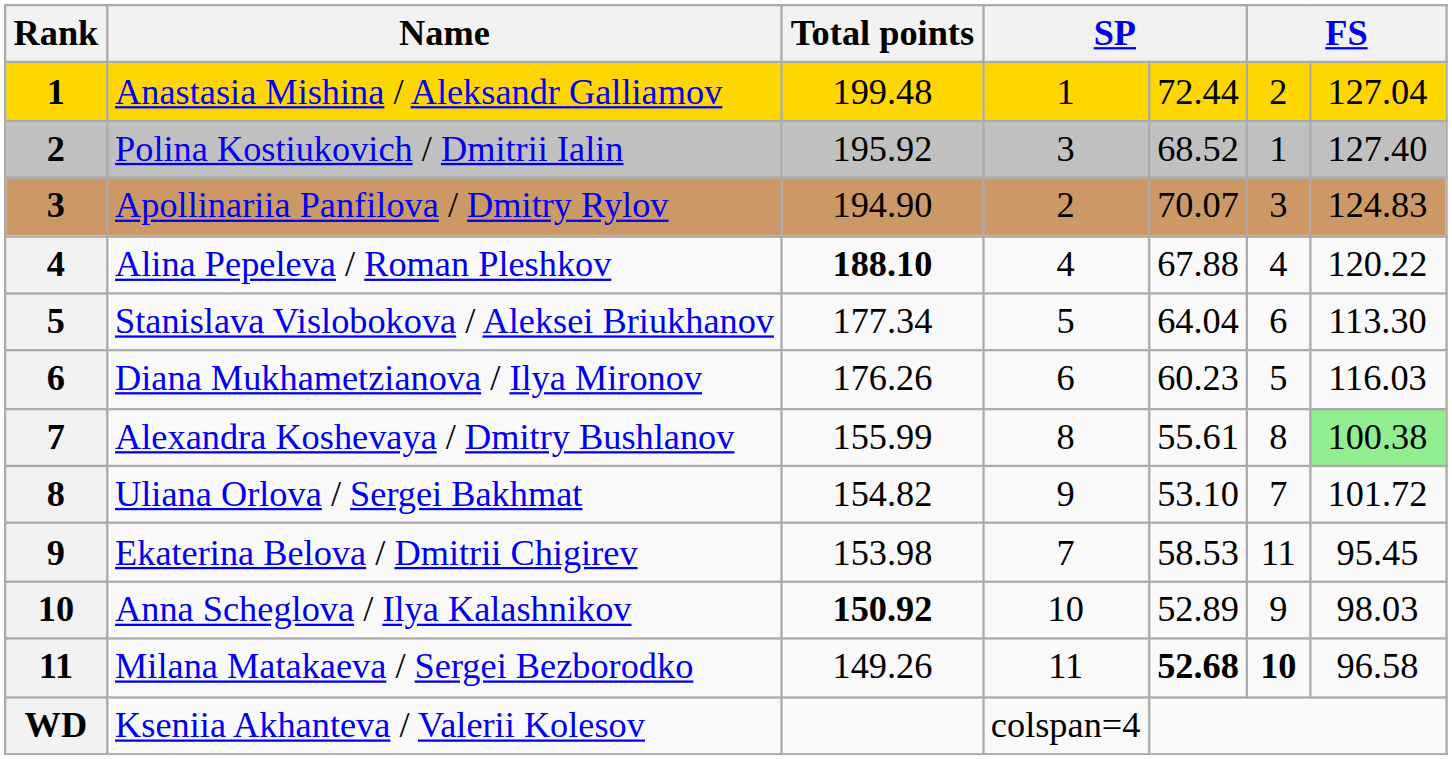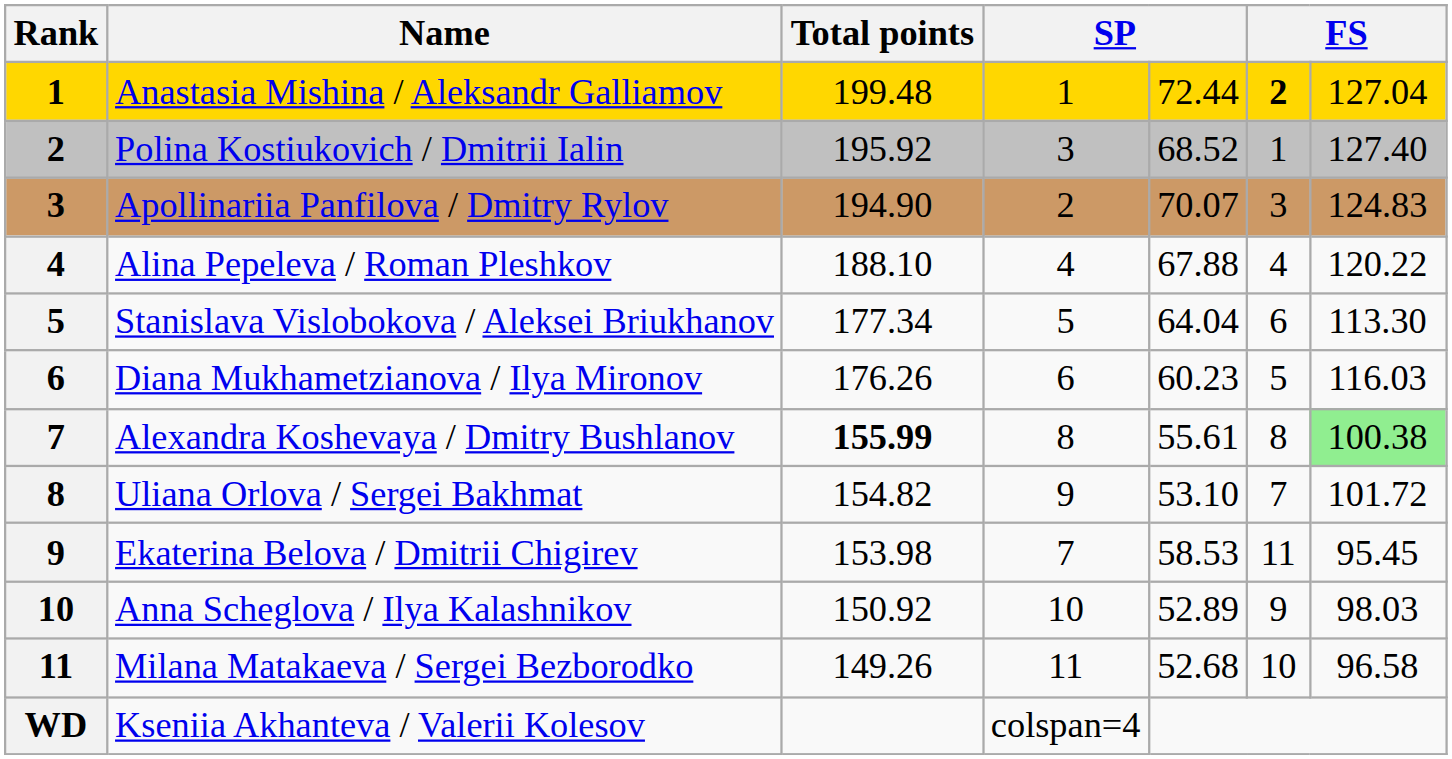 <table class="wikitable sortable">
 <tr>
 <th>Rank</th>
 <th>Name</th>
 <th>Total points</th>
 <th colspan="2" width="80px"><a href='#'>SP</a></th>
 <th colspan="2" width="80px"><a href='#'>FS</a></th>
 </tr>
 <tr bgcolor="gold">
 <td align="center"><strong>1</strong></td>
 <td><a href='#'>Anastasia Mishina</a> / <a href='#'>Aleksandr Galliamov</a></td>
 <td align="center">199.48</td>
 <td align="center">1</td>
 <td align="center">72.44</td>
-<td align="center">2</td>
+<td align="center"><strong>2</strong></td>
 <td align="center">127.04</td>
 </tr>
 <tr bgcolor="silver">
 <td align="center"><strong>2</strong></td>
 <td><a href='#'>Polina Kostiukovich</a> / <a href='#'>Dmitrii Ialin</a></td>
 <td align="center">195.92</td>
 <td align="center">3</td>
 <td align="center">68.52</td>
 <td align="center">1</td>
 <td align="center">127.40</td>
 </tr>
 <tr bgcolor="cc9966">
 <td align="center"><strong>3</strong></td>
 <td><a href='#'>Apollinariia Panfilova</a> / <a href='#'>Dmitry Rylov</a></td>
 <td align="center">194.90</td>
 <td align="center">2</td>
 <td align="center">70.07</td>
 <td align="center">3</td>
 <td align="center">124.83</td>
 </tr>
 <tr>
 <th>4</th>
 <td><a href='#'>Alina Pepeleva</a> / <a href='#'>Roman Pleshkov</a></td>
-<td align="center"><strong>188.10</strong></td>
+<td align="center">188.10</td>
 <td align="center">4</td>
 <td align="center">67.88</td>
 <td align="center">4</td>
 <td align="center">120.22</td>
 </tr>
 <tr>
 <th>5</th>
 <td><a href='#'>Stanislava Vislobokova</a> / <a href='#'>Aleksei Briukhanov</a></td>
 <td align="center">177.34</td>
 <td align="center">5</td>
 <td align="center">64.04</td>
 <td align="center">6</td>
 <td align="center">113.30</td>
 </tr>
 <tr>
 <th>6</th>
 <td><a href='#'>Diana Mukhametzianova</a> / <a href='#'>Ilya Mironov</a></td>
 <td align="center">176.26</td>
 <td align="center">6</td>
 <td align="center">60.23</td>
 <td align="center">5</td>
 <td align="center">116.03</td>
 </tr>
 <tr>
 <th>7</th>
 <td><a href='#'>Alexandra Koshevaya</a> / <a href='#'>Dmitry Bushlanov</a></td>
-<td align="center">155.99</td>
+<td align="center"><strong>155.99</strong></td>
 <td align="center">8</td>
 <td align="center">55.61</td>
 <td align="center">8</td>
 <td align="center" style="background: lightgreen;">100.38</td>
 </tr>
 <tr>
 <th>8</th>
 <td><a href='#'>Uliana Orlova</a> / <a href='#'>Sergei Bakhmat</a></td>
 <td align="center">154.82</td>
 <td align="center">9</td>
 <td align="center">53.10</td>
 <td align="center">7</td>
 <td align="center">101.72</td>
 </tr>
 <tr>
 <th>9</th>
 <td><a href='#'>Ekaterina Belova</a> / <a href='#'>Dmitrii Chigirev</a></td>
 <td align="center">153.98</td>
 <td align="center">7</td>
 <td align="center">58.53</td>
 <td align="center">11</td>
 <td align="center">95.45</td>
 </tr>
 <tr>
 <th>10</th>
 <td><a href='#'>Anna Scheglova</a> / <a href='#'>Ilya Kalashnikov</a></td>
-<td align="center"><strong>150.92</strong></td>
+<td align="center">150.92</td>
 <td align="center">10</td>
 <td align="center">52.89</td>
 <td align="center">9</td>
 <td align="center">98.03</td>
 </tr>
 <tr>
 <th>11</th>
 <td><a href='#'>Milana Matakaeva</a> / <a href='#'>Sergei Bezborodko</a></td>
 <td align="center">149.26</td>
 <td align="center">11</td>
-<td align="center"><strong>52.68</strong></td>
-<td align="center"><strong>10</strong></td>
+<td align="center">52.68</td>
+<td align="center">10</td>
 <td align="center">96.58</td>
 </tr>
 <tr>
 <th>WD</th>
 <td><a href='#'>Kseniia Akhanteva</a> / <a href='#'>Valerii Kolesov</a></td>
 <td></td>
 <td>colspan=4 </td>
 </tr>
 </table>
